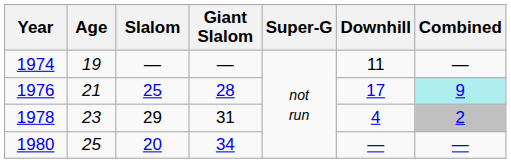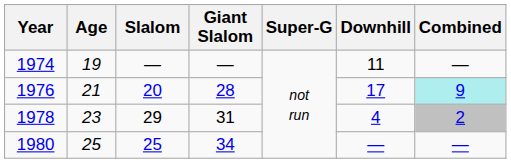 <table class=wikitable style="text-align:center">
 <tr>
 <th>  Year  </th>
 <th> Age </th>
 <th> Slalom </th>
 <th> Giant <br> Slalom </th>
 <th>Super-G</th>
 <th>Downhill</th>
 <th>Combined</th>
 </tr>
 <tr>
 <td><a href='#'>1974</a></td>
 <td><em>19</em></td>
 <td>—</td>
 <td>—</td>
 <td rowspan=4><small><em>not<br>run</em></small></td>
 <td>11</td>
 <td>—</td>
 </tr>
 <tr>
 <td><a href='#'>1976</a></td>
 <td><em>21</em></td>
-<td><a href='#'>25</a></td>
+<td><a href='#'>20</a></td>
 <td><a href='#'>28</a></td>
 <td><a href='#'>17</a></td>
 <td style="background: paleturquoise;"><a href='#'>9</a></td>
 </tr>
 <tr>
 <td><a href='#'>1978</a></td>
 <td><em>23</em></td>
 <td>29</td>
 <td>31</td>
 <td><a href='#'>4</a></td>
 <td style="background:silver;"><a href='#'>2</a></td>
 </tr>
 <tr>
 <td><a href='#'>1980</a></td>
 <td><em>25</em></td>
-<td><a href='#'>20</a></td>
+<td><a href='#'>25</a></td>
 <td><a href='#'>34</a></td>
 <td><a href='#'>—</a></td>
 <td><a href='#'>—</a></td>
 </tr>
 </table>
